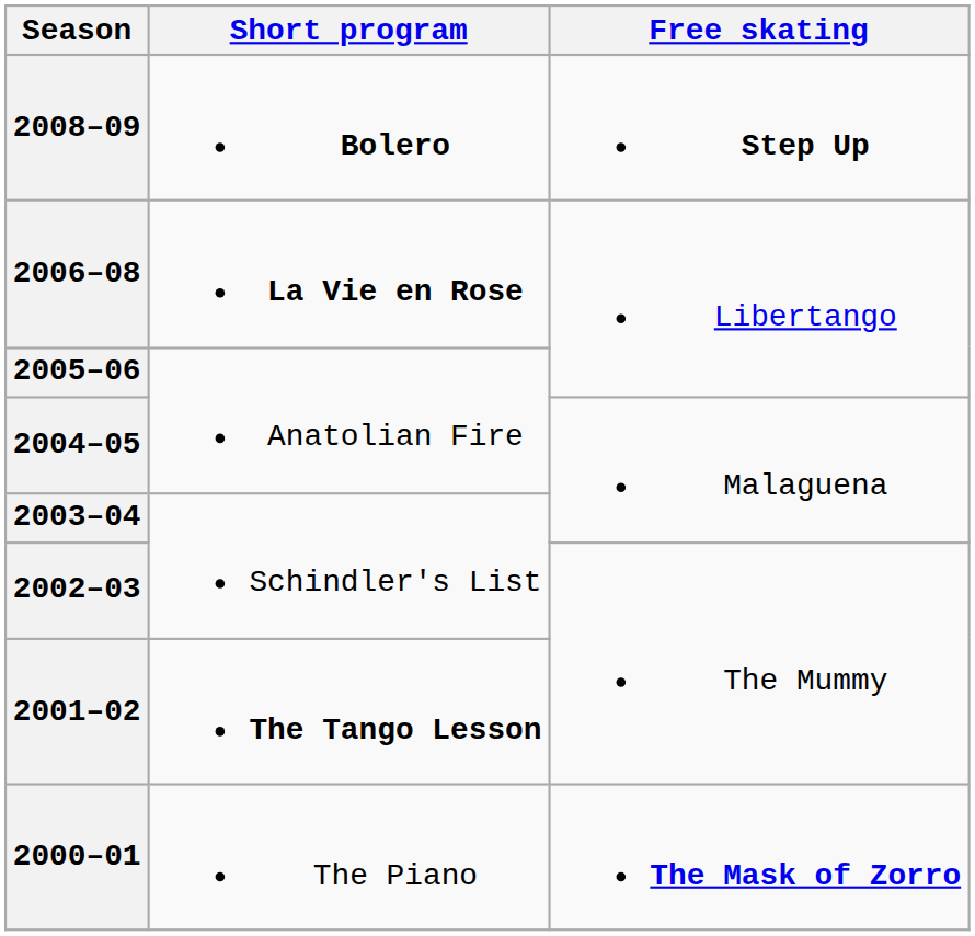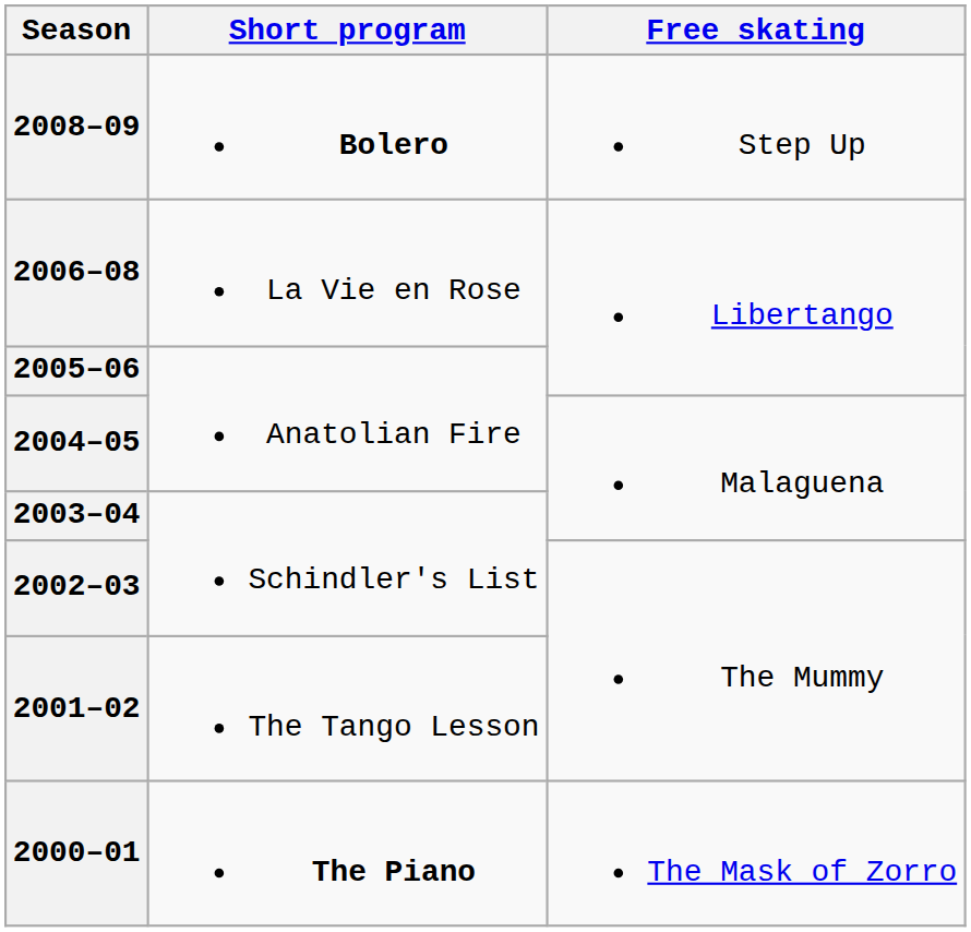 <table class=wikitable style=text-align:center>
 <tr>
 <th>Season</th>
 <th><a href='#'>Short program</a></th>
 <th><a href='#'>Free skating</a></th>
 </tr>
 <tr>
 <th>2008–09 <br></th>
 <td><strong><br><ul><li>Bolero</li></ul></strong></td>
-<td><strong><br><ul><li>Step Up</li></ul></strong></td>
+<td><br><ul><li>Step Up</li></ul></td>
 </tr>
 <tr>
 <th>2006–08 <br></th>
-<td><strong><br><ul><li>La Vie en Rose <br></li></ul></strong></td>
+<td><br><ul><li>La Vie en Rose <br></li></ul></td>
 <td rowspan=2><br><ul><li><a href='#'>Libertango</a> <br></li></ul></td>
 </tr>
 <tr>
 <th>2005–06 <br></th>
 <td rowspan=2><br><ul><li>Anatolian Fire <br></li></ul></td>
 </tr>
 <tr>
 <th>2004–05 <br></th>
 <td rowspan=2><br><ul><li>Malaguena <br></li></ul></td>
 </tr>
 <tr>
 <th>2003–04 <br></th>
 <td rowspan=2><br><ul><li>Schindler's List <br></li></ul></td>
 </tr>
 <tr>
 <th>2002–03 <br></th>
 <td rowspan=2><br><ul><li>The Mummy <br></li></ul></td>
 </tr>
 <tr>
 <th>2001–02 <br></th>
-<td><strong><br><ul><li>The Tango Lesson</li></ul></strong></td>
+<td><br><ul><li>The Tango Lesson</li></ul></td>
 </tr>
 <tr>
 <th>2000–01 <br></th>
-<td><br><ul><li>The Piano <br></li></ul></td>
-<td><strong><br><ul><li><a href='#'>The Mask of Zorro</a> <br></li></ul></strong></td>
+<td><strong><br><ul><li>The Piano <br></li></ul></strong></td>
+<td><br><ul><li><a href='#'>The Mask of Zorro</a> <br></li></ul></td>
 </tr>
 </table>
